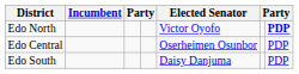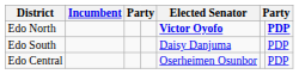 <table class="sortable wikitable" style="font-size:95%;line-height:14px;">
 <tr>
 <th class="unsortable">District</th>
 <th class="unsortable"><a href='#'>Incumbent</a></th>
 <th colspan="2">Party</th>
 <th class="unsortable">Elected Senator</th>
 <th colspan="2">Party</th>
 </tr>
 <tr>
 <td>Edo North</td>
 <td></td>
 <td></td>
 <td></td>
-<td><a href='#'>Victor Oyofo</a></td>
+<td><strong><a href='#'>Victor Oyofo</a></strong></td>
 <td style="background:"></td>
 <td><strong><a href='#'>PDP</a></strong></td>
+</tr>
+<tr>
+<td>Edo South</td>
+<td></td>
+<td></td>
+<td></td>
+<td><a href='#'>Daisy Danjuma</a></td>
+<td style="background:"></td>
+<td><a href='#'>PDP</a></td>
 </tr>
 <tr>
 <td>Edo Central</td>
 <td></td>
 <td></td>
 <td></td>
 <td><a href='#'>Oserheimen Osunbor</a></td>
 <td style="background:"></td>
 <td><a href='#'>PDP</a></td>
 </tr>
-<tr>
-<td>Edo South</td>
-<td></td>
-<td></td>
-<td></td>
-<td><a href='#'>Daisy Danjuma</a></td>
-<td style="background:"></td>
-<td><a href='#'>PDP</a></td>
-</tr>
 </table>
